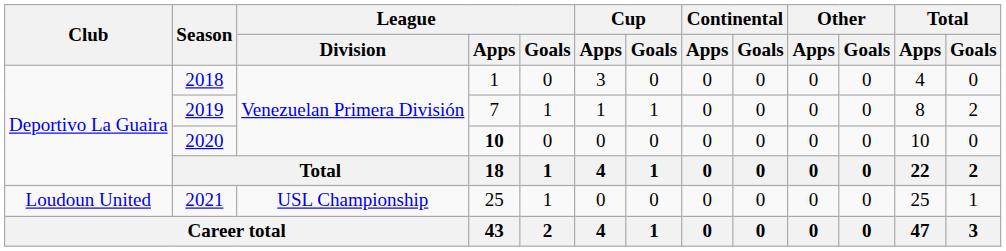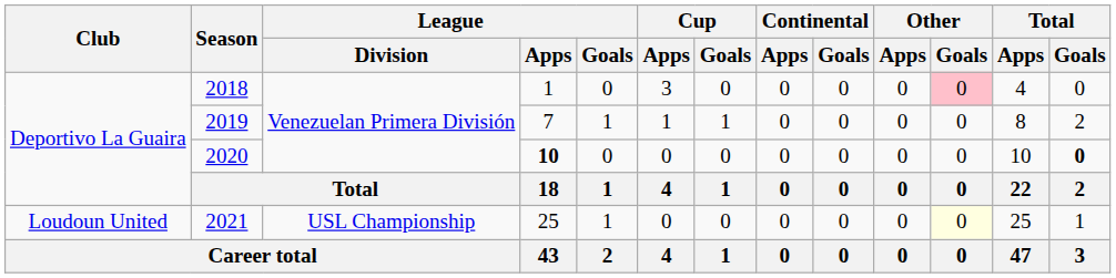 <table class="wikitable" style="text-align: center">
 <tr>
 <th rowspan="2">Club</th>
 <th rowspan="2">Season</th>
 <th colspan="3">League</th>
 <th colspan="2">Cup</th>
 <th colspan="2">Continental</th>
 <th colspan="2">Other</th>
 <th colspan="2">Total</th>
 </tr>
 <tr>
 <th>Division</th>
 <th>Apps</th>
 <th>Goals</th>
 <th>Apps</th>
 <th>Goals</th>
 <th>Apps</th>
 <th>Goals</th>
 <th>Apps</th>
 <th>Goals</th>
 <th>Apps</th>
 <th>Goals</th>
 </tr>
 <tr>
 <td rowspan="4"><a href='#'>Deportivo La Guaira</a></td>
 <td><a href='#'>2018</a></td>
 <td rowspan="3"><a href='#'>Venezuelan Primera División</a></td>
 <td>1</td>
 <td>0</td>
 <td>3</td>
 <td>0</td>
 <td>0</td>
 <td>0</td>
 <td>0</td>
-<td>0</td>
+<td style="background: pink;">0</td>
 <td>4</td>
 <td>0</td>
 </tr>
 <tr>
 <td><a href='#'>2019</a></td>
 <td>7</td>
 <td>1</td>
 <td>1</td>
 <td>1</td>
 <td>0</td>
 <td>0</td>
 <td>0</td>
 <td>0</td>
 <td>8</td>
 <td>2</td>
 </tr>
 <tr>
 <td><a href='#'>2020</a></td>
 <td><strong>10</strong></td>
 <td>0</td>
 <td>0</td>
 <td>0</td>
 <td>0</td>
 <td>0</td>
 <td>0</td>
 <td>0</td>
 <td>10</td>
-<td>0</td>
+<td><strong>0</strong></td>
 </tr>
 <tr>
 <th colspan="2"><strong>Total</strong></th>
 <th>18</th>
 <th>1</th>
 <th>4</th>
 <th>1</th>
 <th>0</th>
 <th>0</th>
 <th>0</th>
 <th>0</th>
 <th>22</th>
 <th>2</th>
 </tr>
 <tr>
 <td><a href='#'>Loudoun United</a></td>
 <td><a href='#'>2021</a></td>
 <td><a href='#'>USL Championship</a></td>
 <td>25</td>
 <td>1</td>
 <td>0</td>
 <td>0</td>
 <td>0</td>
 <td>0</td>
 <td>0</td>
-<td>0</td>
+<td style="background: lightyellow;">0</td>
 <td>25</td>
 <td>1</td>
 </tr>
 <tr>
 <th colspan="3"><strong>Career total</strong></th>
 <th>43</th>
 <th>2</th>
 <th>4</th>
 <th>1</th>
 <th>0</th>
 <th>0</th>
 <th>0</th>
 <th>0</th>
 <th>47</th>
 <th>3</th>
 </tr>
 </table>
